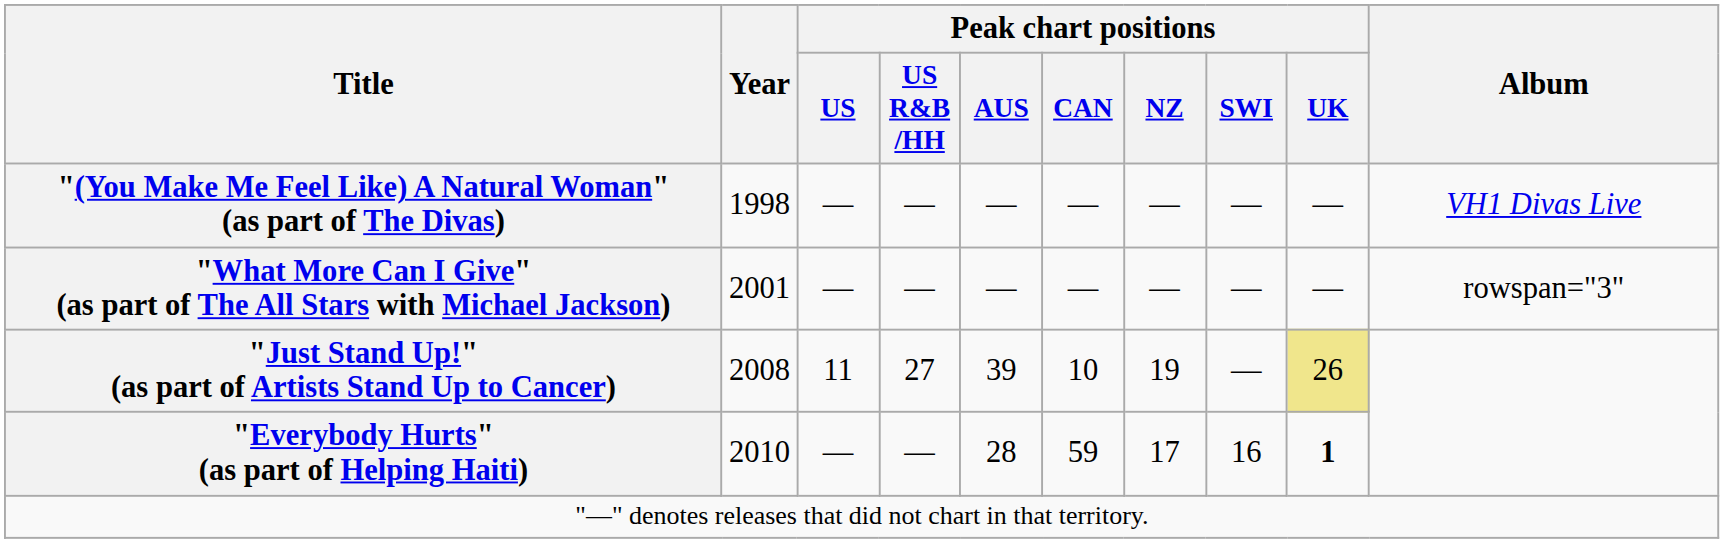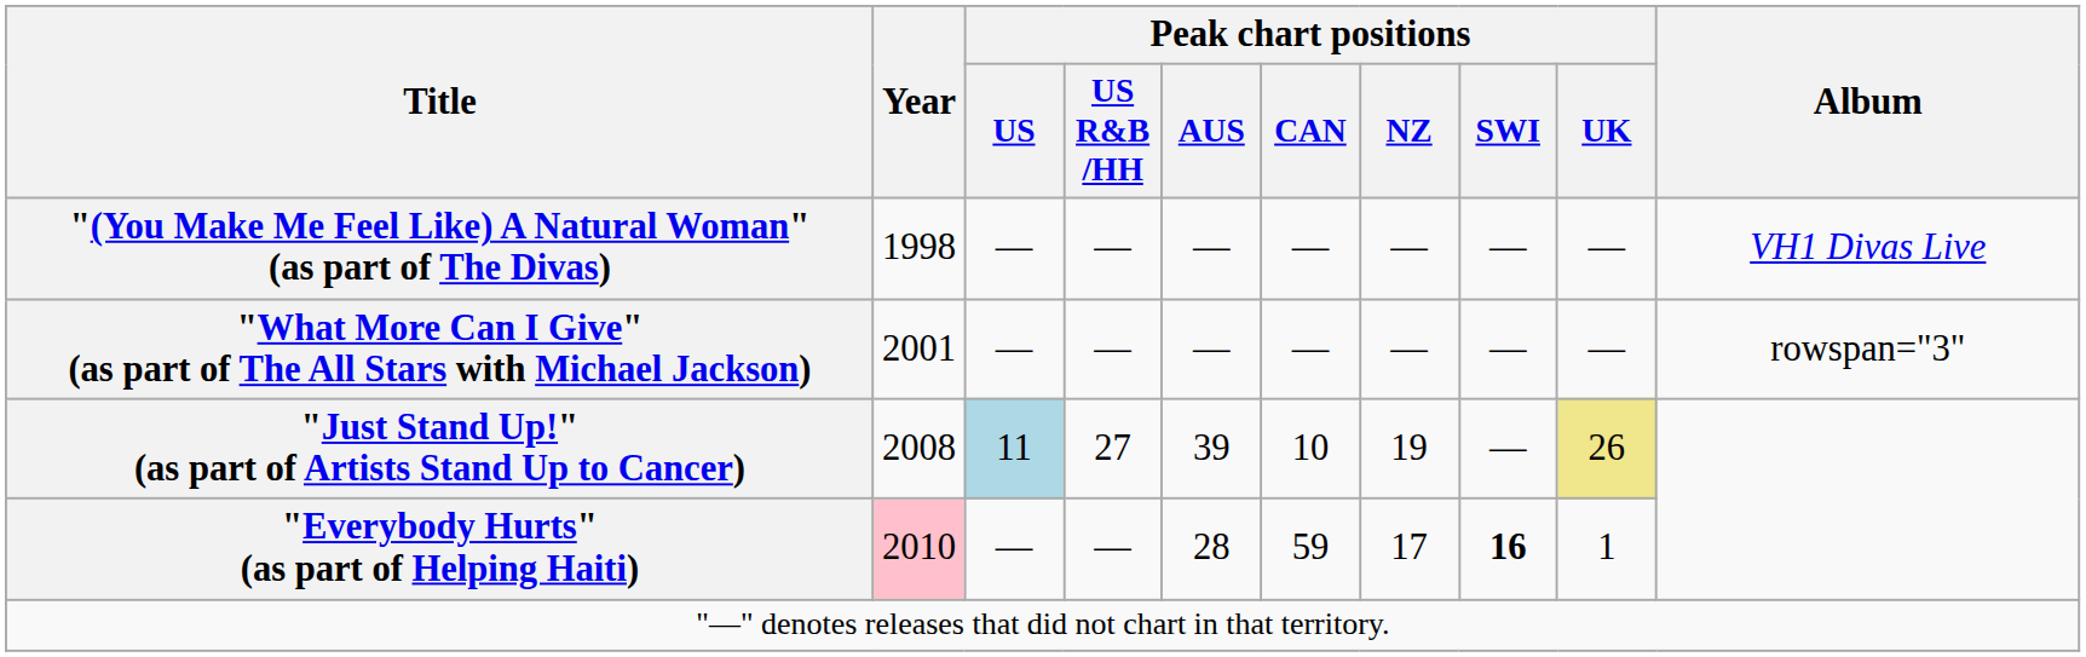 <table class="wikitable plainrowheaders" style="text-align:center;">
 <tr>
 <th scope="col" rowspan="2" style="width:23em;">Title</th>
 <th scope="col" rowspan="2">Year</th>
 <th scope="col" colspan="7">Peak chart positions</th>
 <th scope="col" rowspan="2" style="width:11em;">Album</th>
 </tr>
 <tr>
 <th scope="col" style="width:2.5em; font-size:90%;"><a href='#'>US</a><br></th>
 <th scope="col" style="width:2.5em; font-size:90%;"><a href='#'>US<br>R&B<br>/HH</a><br></th>
 <th scope="col" style="width:2.5em; font-size:90%;"><a href='#'>AUS</a><br></th>
 <th scope="col" style="width:2.5em; font-size:90%;"><a href='#'>CAN</a><br></th>
 <th scope="col" style="width:2.5em; font-size:90%;"><a href='#'>NZ</a><br></th>
 <th scope="col" style="width:2.5em; font-size:90%;"><a href='#'>SWI</a><br></th>
 <th scope="col" style="width:2.5em; font-size:90%;"><a href='#'>UK</a><br></th>
 </tr>
 <tr>
 <th scope="row">"<a href='#'>(You Make Me Feel Like) A Natural Woman</a>"<br><span>(as part of <a href='#'>The Divas</a>)</span></th>
 <td>1998</td>
 <td>—</td>
 <td>—</td>
 <td>—</td>
 <td>—</td>
 <td>—</td>
 <td>—</td>
 <td>—</td>
 <td><em><a href='#'>VH1 Divas Live</a></em></td>
 </tr>
 <tr>
 <th scope="row">"<a href='#'>What More Can I Give</a>"<br><span>(as part of <a href='#'>The All Stars</a> with <a href='#'>Michael Jackson</a>)</span></th>
 <td>2001</td>
 <td>—</td>
 <td>—</td>
 <td>—</td>
 <td>—</td>
 <td>—</td>
 <td>—</td>
 <td>—</td>
 <td>rowspan="3" </td>
 </tr>
 <tr>
 <th scope="row">"<a href='#'>Just Stand Up!</a>" <br><span>(as part of <a href='#'>Artists Stand Up to Cancer</a>)</span></th>
 <td>2008</td>
-<td>11</td>
+<td style="background: lightblue;">11</td>
 <td>27</td>
 <td>39</td>
 <td>10</td>
 <td>19</td>
 <td>—</td>
 <td style="background: khaki;">26</td>
 </tr>
 <tr>
 <th scope="row">"<a href='#'>Everybody Hurts</a>" <br><span>(as part of <a href='#'>Helping Haiti</a>)</span></th>
-<td>2010</td>
+<td style="background: pink;">2010</td>
 <td>—</td>
 <td>—</td>
 <td>28</td>
 <td>59</td>
 <td>17</td>
-<td>16</td>
-<td><strong>1</strong></td>
+<td><strong>16</strong></td>
+<td>1</td>
 </tr>
 <tr>
 <td align="center" colspan="15" style="font-size:85%">"—" denotes releases that did not chart in that territory.</td>
 </tr>
 </table>
